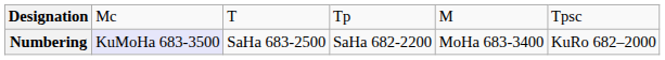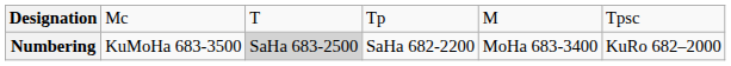 <table class="wikitable">
 <tr>
 <th>Designation</th>
 <td>Mc</td>
 <td>T</td>
 <td>Tp</td>
 <td>M</td>
 <td>Tpsc</td>
 </tr>
 <tr>
 <th>Numbering</th>
-<td style="background: lavender;">KuMoHa 683-3500</td>
-<td>SaHa 683-2500</td>
+<td>KuMoHa 683-3500</td>
+<td style="background: lightgrey;">SaHa 683-2500</td>
 <td>SaHa 682-2200</td>
 <td>MoHa 683-3400</td>
 <td>KuRo 682–2000</td>
 </tr>
 </table>
